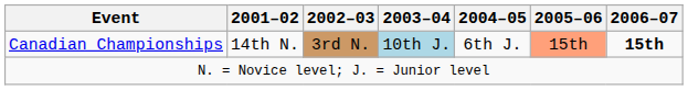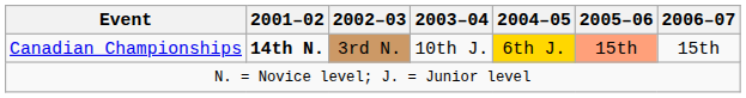 <table class="wikitable" style="text-align:center">
 <tr>
 <th>Event</th>
 <th>2001–02</th>
 <th>2002–03</th>
 <th>2003–04</th>
 <th>2004–05</th>
 <th>2005–06</th>
 <th>2006–07</th>
 </tr>
 <tr>
 <td align=left><a href='#'>Canadian Championships</a></td>
-<td>14th N.</td>
+<td><strong>14th N.</strong></td>
 <td bgcolor=cc9966>3rd N.</td>
-<td style="background: lightblue;">10th J.</td>
-<td>6th J.</td>
+<td>10th J.</td>
+<td style="background: gold;">6th J.</td>
 <td style="background: lightsalmon;">15th</td>
-<td><strong>15th</strong></td>
+<td>15th</td>
 </tr>
 <tr>
 <td colspan=7 align=center><small> N. = Novice level; J. = Junior level </small></td>
 </tr>
 </table>
